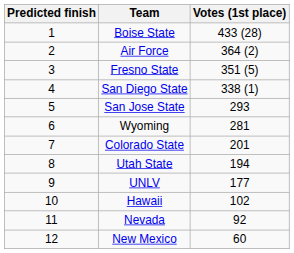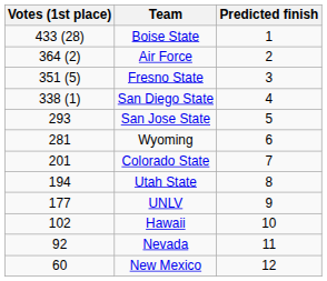 <table class="wikitable sortable">
 <tr>
+<th style="text-align:center; ">Votes (1st place)</th>
+<th style="text-align:center; ">Team</th>
 <th style="text-align:center; ">Predicted finish</th>
-<th style="text-align:center; ">Team</th>
-<th style="text-align:center; ">Votes (1st place)</th>
 </tr>
 <tr align="center">
+<td>433 (28)</td>
+<td><a href='#'>Boise State</a></td>
 <td>1</td>
-<td><a href='#'>Boise State</a></td>
-<td>433 (28)</td>
 </tr>
 <tr align="center">
+<td>364 (2)</td>
+<td><a href='#'>Air Force</a></td>
 <td>2</td>
-<td><a href='#'>Air Force</a></td>
-<td>364 (2)</td>
 </tr>
 <tr align="center">
+<td>351 (5)</td>
+<td><a href='#'>Fresno State</a></td>
 <td>3</td>
-<td><a href='#'>Fresno State</a></td>
-<td>351 (5)</td>
 </tr>
 <tr align="center">
+<td>338 (1)</td>
+<td><a href='#'>San Diego State</a></td>
 <td>4</td>
-<td><a href='#'>San Diego State</a></td>
-<td>338 (1)</td>
 </tr>
 <tr align="center">
+<td>293</td>
+<td><a href='#'>San Jose State</a></td>
 <td>5</td>
-<td><a href='#'>San Jose State</a></td>
-<td>293</td>
 </tr>
 <tr align="center">
+<td>281</td>
+<td>Wyoming</td>
 <td>6</td>
-<td>Wyoming</td>
-<td>281</td>
 </tr>
 <tr align="center">
+<td>201</td>
+<td><a href='#'>Colorado State</a></td>
 <td>7</td>
-<td><a href='#'>Colorado State</a></td>
-<td>201</td>
 </tr>
 <tr align="center">
+<td>194</td>
+<td><a href='#'>Utah State</a></td>
 <td>8</td>
-<td><a href='#'>Utah State</a></td>
-<td>194</td>
 </tr>
 <tr align="center">
+<td>177</td>
+<td><a href='#'>UNLV</a></td>
 <td>9</td>
-<td><a href='#'>UNLV</a></td>
-<td>177</td>
 </tr>
 <tr align="center">
+<td>102</td>
+<td><a href='#'>Hawaii</a></td>
 <td>10</td>
-<td><a href='#'>Hawaii</a></td>
-<td>102</td>
 </tr>
 <tr align="center">
+<td>92</td>
+<td><a href='#'>Nevada</a></td>
 <td>11</td>
-<td><a href='#'>Nevada</a></td>
-<td>92</td>
 </tr>
 <tr align="center">
+<td>60</td>
+<td><a href='#'>New Mexico</a></td>
 <td>12</td>
-<td><a href='#'>New Mexico</a></td>
-<td>60</td>
 </tr>
 </table>
